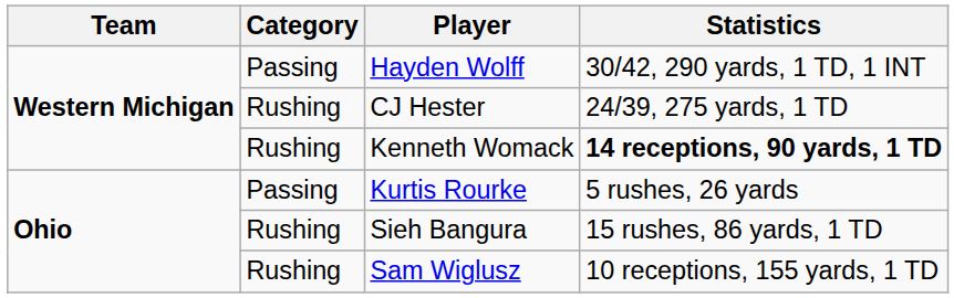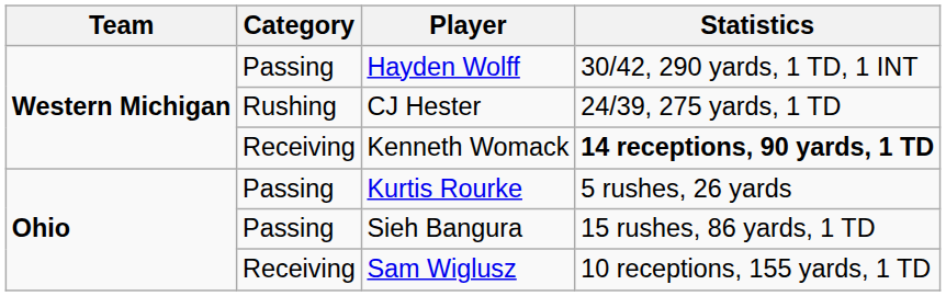 <table class="wikitable" style="float: right;">
 <tr>
 <th>Team</th>
 <th>Category</th>
 <th>Player</th>
 <th>Statistics</th>
 </tr>
 <tr>
 <td rowspan=3><strong>Western Michigan</strong></td>
 <td>Passing</td>
 <td><a href='#'>Hayden Wolff</a></td>
 <td>30/42, 290 yards, 1 TD, 1 INT</td>
 </tr>
 <tr>
 <td>Rushing</td>
 <td>CJ Hester</td>
 <td>24/39, 275 yards, 1 TD</td>
 </tr>
 <tr>
-<td>Rushing</td>
+<td>Receiving</td>
 <td>Kenneth Womack</td>
 <td><strong>14 receptions, 90 yards, 1 TD</strong></td>
 </tr>
 <tr>
 <td rowspan=3><strong>Ohio</strong></td>
 <td>Passing</td>
 <td><a href='#'>Kurtis Rourke</a></td>
 <td>5 rushes, 26 yards</td>
 </tr>
 <tr>
-<td>Rushing</td>
+<td>Passing</td>
 <td>Sieh Bangura</td>
 <td>15 rushes, 86 yards, 1 TD</td>
 </tr>
 <tr>
-<td>Rushing</td>
+<td>Receiving</td>
 <td><a href='#'>Sam Wiglusz</a></td>
 <td>10 receptions, 155 yards, 1 TD</td>
 </tr>
 </table>
